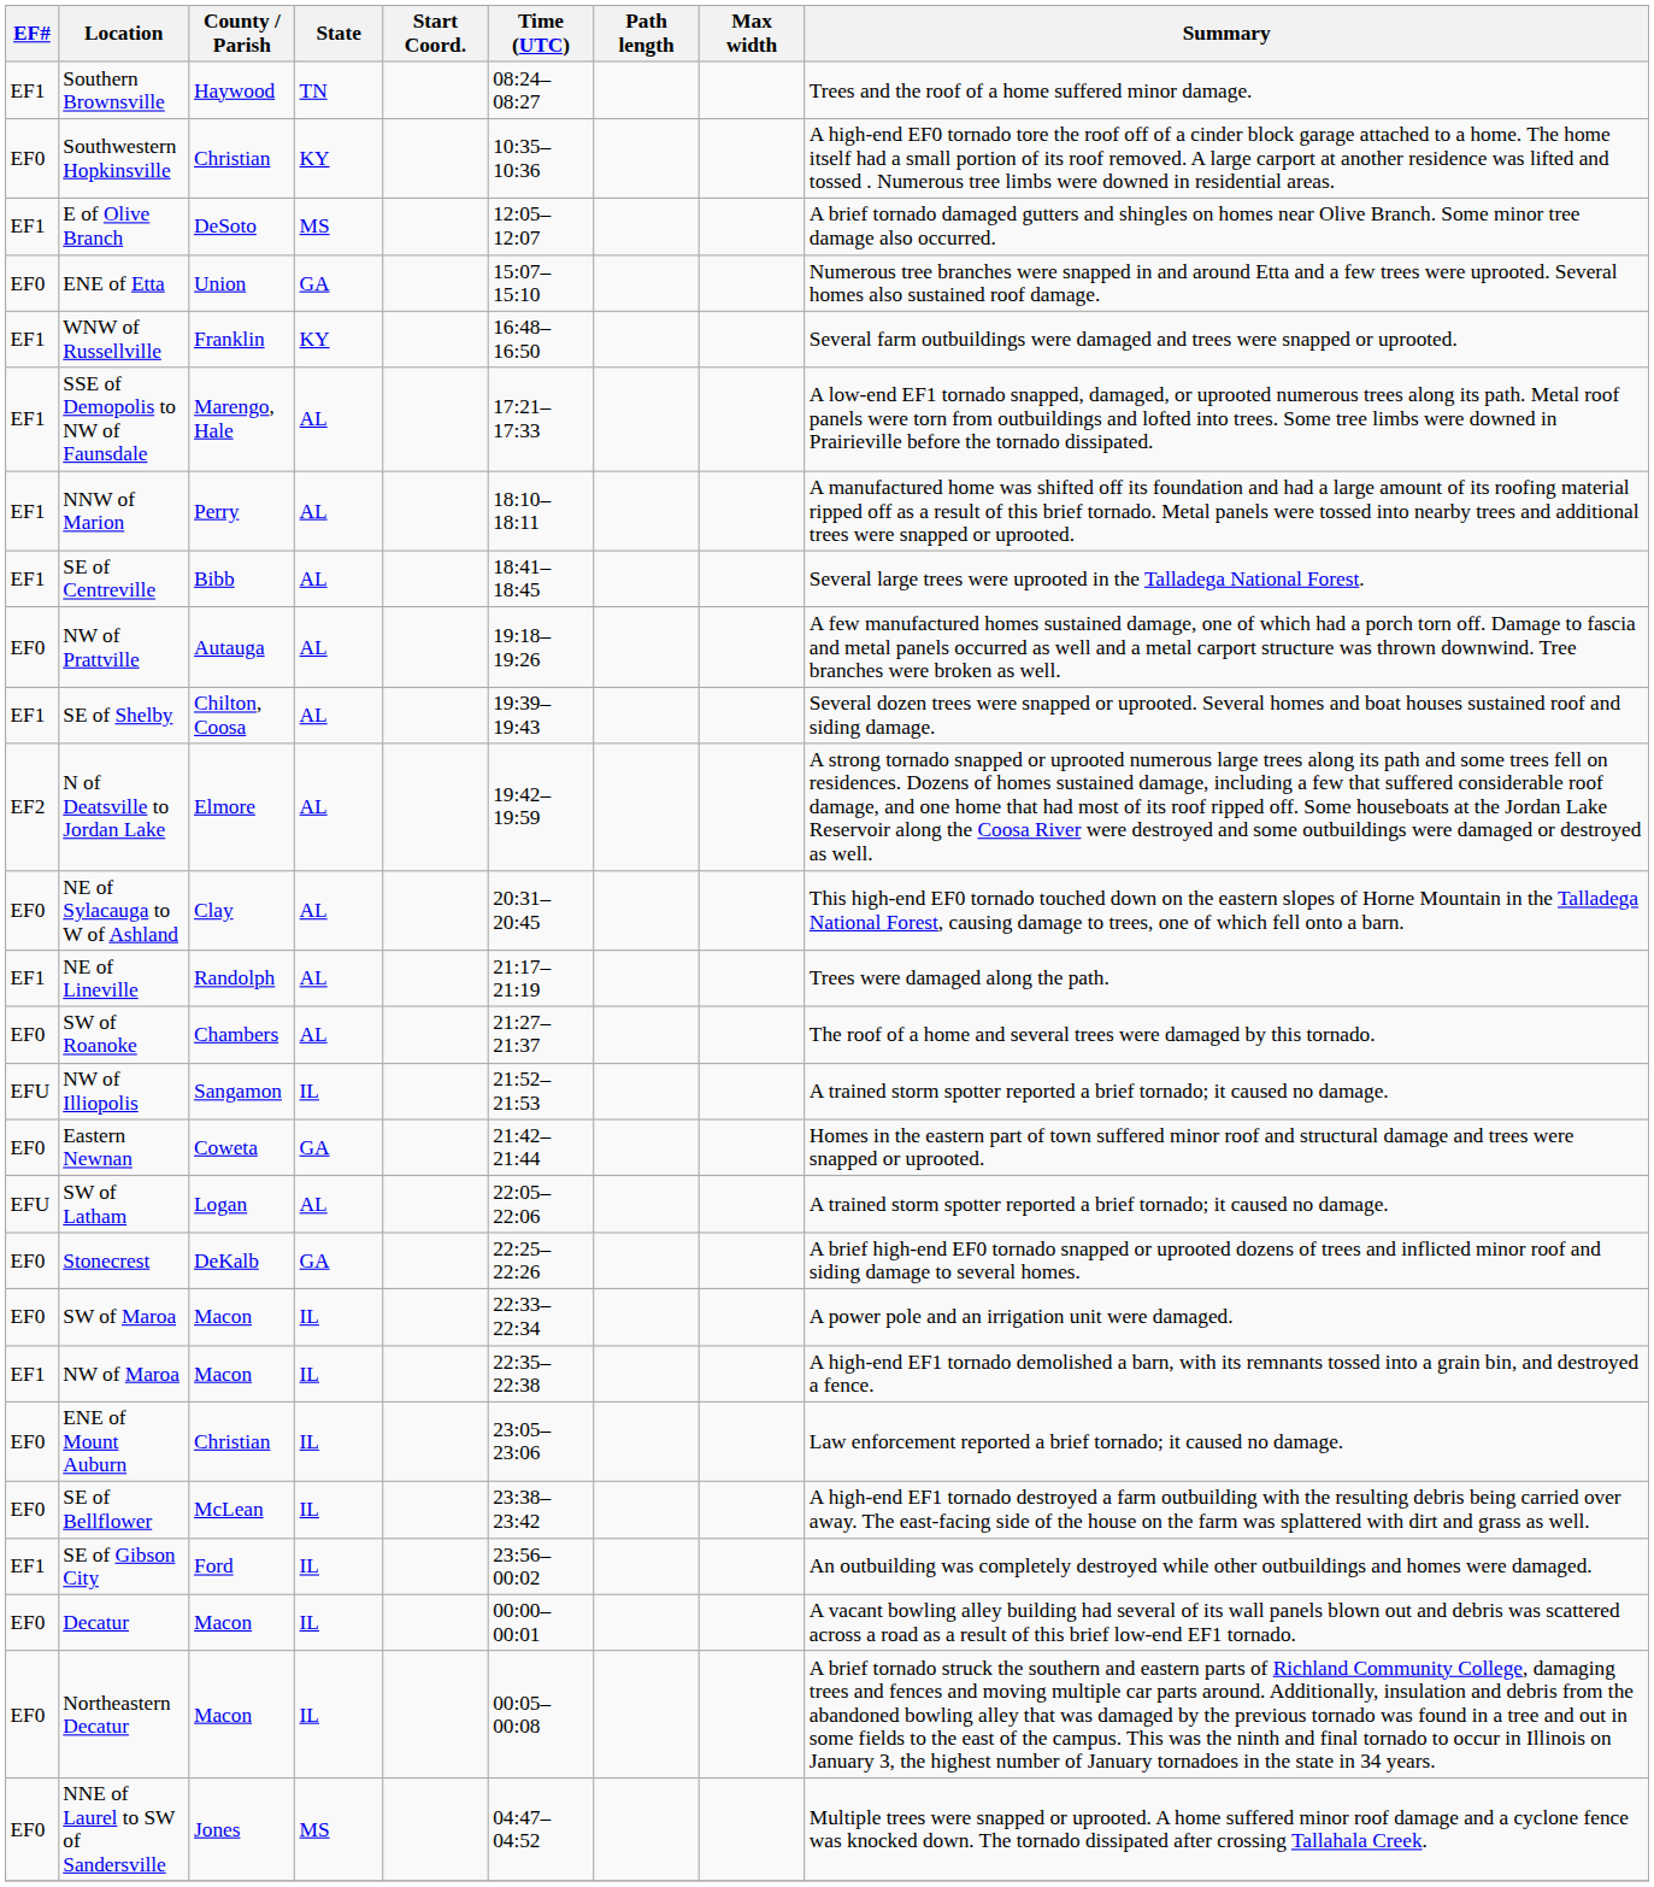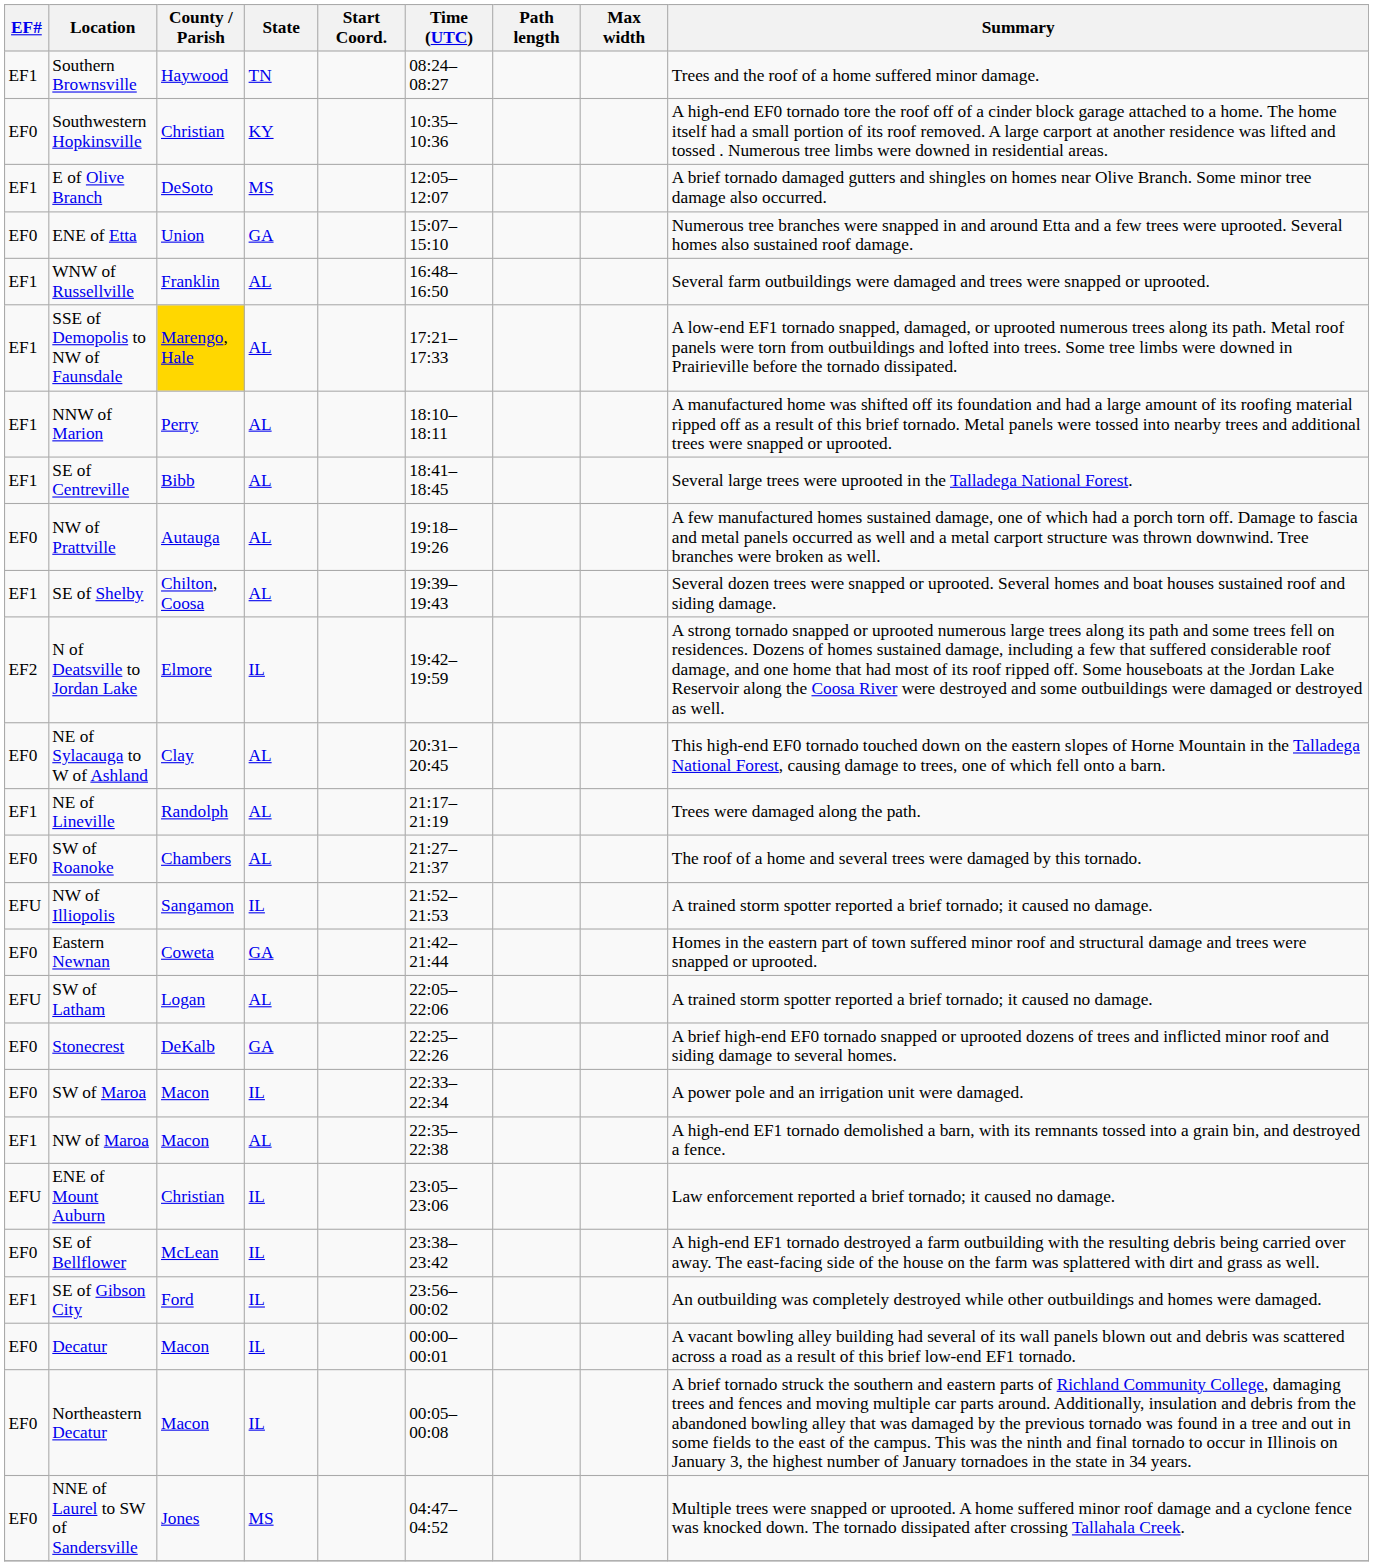 <table class="wikitable sortable" style="width:100%;">
 <tr>
 <th scope="col"  style="width:3%; text-align:center;"><a href='#'>EF#</a></th>
 <th scope="col"  style="width:7%; text-align:center;" class="unsortable">Location</th>
 <th scope="col"  style="width:6%; text-align:center;" class="unsortable">County / Parish</th>
 <th scope="col"  style="width:5%; text-align:center;">State</th>
 <th scope="col"  style="width:6%; text-align:center;">Start Coord.</th>
 <th scope="col"  style="width:6%; text-align:center;">Time (<a href='#'>UTC</a>)</th>
 <th scope="col"  style="width:6%; text-align:center;">Path length</th>
 <th scope="col"  style="width:6%; text-align:center;">Max width</th>
 <th scope="col" class="unsortable" style="width:48%; text-align:center;">Summary</th>
 </tr>
 <tr>
 <td>EF1</td>
 <td>Southern <a href='#'>Brownsville</a></td>
 <td><a href='#'>Haywood</a></td>
 <td><a href='#'>TN</a></td>
 <td></td>
 <td>08:24–08:27</td>
 <td></td>
 <td></td>
 <td>Trees and the roof of a home suffered minor damage.</td>
 </tr>
 <tr>
 <td>EF0</td>
 <td>Southwestern <a href='#'>Hopkinsville</a></td>
 <td><a href='#'>Christian</a></td>
 <td><a href='#'>KY</a></td>
 <td></td>
 <td>10:35–10:36</td>
 <td></td>
 <td></td>
 <td>A high-end EF0 tornado tore the roof off of a cinder block garage attached to a home. The home itself had a small portion of its roof removed. A large carport at another residence was lifted and tossed . Numerous tree limbs were downed in residential areas.</td>
 </tr>
 <tr>
 <td>EF1</td>
 <td>E of <a href='#'>Olive Branch</a></td>
 <td><a href='#'>DeSoto</a></td>
 <td><a href='#'>MS</a></td>
 <td></td>
 <td>12:05–12:07</td>
 <td></td>
 <td></td>
 <td>A brief tornado damaged gutters and shingles on homes near Olive Branch. Some minor tree damage also occurred.</td>
 </tr>
 <tr>
 <td>EF0</td>
 <td>ENE of <a href='#'>Etta</a></td>
 <td><a href='#'>Union</a></td>
 <td><a href='#'>GA</a></td>
 <td></td>
 <td>15:07–15:10</td>
 <td></td>
 <td></td>
 <td>Numerous tree branches were snapped in and around Etta and a few trees were uprooted. Several homes also sustained roof damage.</td>
 </tr>
 <tr>
 <td>EF1</td>
 <td>WNW of <a href='#'>Russellville</a></td>
 <td><a href='#'>Franklin</a></td>
-<td><a href='#'>KY</a></td>
+<td><a href='#'>AL</a></td>
 <td></td>
 <td>16:48–16:50</td>
 <td></td>
 <td></td>
 <td>Several farm outbuildings were damaged and trees were snapped or uprooted.</td>
 </tr>
 <tr>
 <td>EF1</td>
 <td>SSE of <a href='#'>Demopolis</a> to NW of <a href='#'>Faunsdale</a></td>
-<td><a href='#'>Marengo</a>, <a href='#'>Hale</a></td>
+<td style="background: gold;"><a href='#'>Marengo</a>, <a href='#'>Hale</a></td>
 <td><a href='#'>AL</a></td>
 <td></td>
 <td>17:21–17:33</td>
 <td></td>
 <td></td>
 <td>A low-end EF1 tornado snapped, damaged, or uprooted numerous trees along its path. Metal roof panels were torn from outbuildings and lofted into trees. Some tree limbs were downed in Prairieville before the tornado dissipated.</td>
 </tr>
 <tr>
 <td>EF1</td>
 <td>NNW of <a href='#'>Marion</a></td>
 <td><a href='#'>Perry</a></td>
 <td><a href='#'>AL</a></td>
 <td></td>
 <td>18:10–18:11</td>
 <td></td>
 <td></td>
 <td>A manufactured home was shifted off its foundation and had a large amount of its roofing material ripped off as a result of this brief tornado. Metal panels were tossed into nearby trees and additional trees were snapped or uprooted.</td>
 </tr>
 <tr>
 <td>EF1</td>
 <td>SE of <a href='#'>Centreville</a></td>
 <td><a href='#'>Bibb</a></td>
 <td><a href='#'>AL</a></td>
 <td></td>
 <td>18:41–18:45</td>
 <td></td>
 <td></td>
 <td>Several large trees were uprooted in the <a href='#'>Talladega National Forest</a>.</td>
 </tr>
 <tr>
 <td>EF0</td>
 <td>NW of <a href='#'>Prattville</a></td>
 <td><a href='#'>Autauga</a></td>
 <td><a href='#'>AL</a></td>
 <td></td>
 <td>19:18–19:26</td>
 <td></td>
 <td></td>
 <td>A few manufactured homes sustained damage, one of which had a porch torn off. Damage to fascia and metal panels occurred as well and a metal carport structure was thrown downwind. Tree branches were broken as well.</td>
 </tr>
 <tr>
 <td>EF1</td>
 <td>SE of <a href='#'>Shelby</a></td>
 <td><a href='#'>Chilton</a>, <a href='#'>Coosa</a></td>
 <td><a href='#'>AL</a></td>
 <td></td>
 <td>19:39–19:43</td>
 <td></td>
 <td></td>
 <td>Several dozen trees were snapped or uprooted. Several homes and boat houses sustained roof and siding damage.</td>
 </tr>
 <tr>
 <td>EF2</td>
 <td>N of <a href='#'>Deatsville</a> to <a href='#'>Jordan Lake</a></td>
 <td><a href='#'>Elmore</a></td>
-<td><a href='#'>AL</a></td>
+<td><a href='#'>IL</a></td>
 <td></td>
 <td>19:42–19:59</td>
 <td></td>
 <td></td>
 <td>A strong tornado snapped or uprooted numerous large trees along its path and some trees fell on residences. Dozens of homes sustained damage, including a few that suffered considerable roof damage, and one home that had most of its roof ripped off. Some houseboats at the Jordan Lake Reservoir along the <a href='#'>Coosa River</a> were destroyed and some outbuildings were damaged or destroyed as well.</td>
 </tr>
 <tr>
 <td>EF0</td>
 <td>NE of <a href='#'>Sylacauga</a> to W of <a href='#'>Ashland</a></td>
 <td><a href='#'>Clay</a></td>
 <td><a href='#'>AL</a></td>
 <td></td>
 <td>20:31–20:45</td>
 <td></td>
 <td></td>
 <td>This high-end EF0 tornado touched down on the eastern slopes of Horne Mountain in the <a href='#'>Talladega National Forest</a>, causing damage to trees, one of which fell onto a barn.</td>
 </tr>
 <tr>
 <td>EF1</td>
 <td>NE of <a href='#'>Lineville</a></td>
 <td><a href='#'>Randolph</a></td>
 <td><a href='#'>AL</a></td>
 <td></td>
 <td>21:17–21:19</td>
 <td></td>
 <td></td>
 <td>Trees were damaged along the path.</td>
 </tr>
 <tr>
 <td>EF0</td>
 <td>SW of <a href='#'>Roanoke</a></td>
 <td><a href='#'>Chambers</a></td>
 <td><a href='#'>AL</a></td>
 <td></td>
 <td>21:27–21:37</td>
 <td></td>
 <td></td>
 <td>The roof of a home and several trees were damaged by this tornado.</td>
 </tr>
 <tr>
 <td>EFU</td>
 <td>NW of <a href='#'>Illiopolis</a></td>
 <td><a href='#'>Sangamon</a></td>
 <td><a href='#'>IL</a></td>
 <td></td>
 <td>21:52–21:53</td>
 <td></td>
 <td></td>
 <td>A trained storm spotter reported a brief tornado; it caused no damage.</td>
 </tr>
 <tr>
 <td>EF0</td>
 <td>Eastern <a href='#'>Newnan</a></td>
 <td><a href='#'>Coweta</a></td>
 <td><a href='#'>GA</a></td>
 <td></td>
 <td>21:42–21:44</td>
 <td></td>
 <td></td>
 <td>Homes in the eastern part of town suffered minor roof and structural damage and trees were snapped or uprooted.</td>
 </tr>
 <tr>
 <td>EFU</td>
 <td>SW of <a href='#'>Latham</a></td>
 <td><a href='#'>Logan</a></td>
 <td><a href='#'>AL</a></td>
 <td></td>
 <td>22:05–22:06</td>
 <td></td>
 <td></td>
 <td>A trained storm spotter reported a brief tornado; it caused no damage.</td>
 </tr>
 <tr>
 <td>EF0</td>
 <td><a href='#'>Stonecrest</a></td>
 <td><a href='#'>DeKalb</a></td>
 <td><a href='#'>GA</a></td>
 <td></td>
 <td>22:25–22:26</td>
 <td></td>
 <td></td>
 <td>A brief high-end EF0 tornado snapped or uprooted dozens of trees and inflicted minor roof and siding damage to several homes.</td>
 </tr>
 <tr>
 <td>EF0</td>
 <td>SW of <a href='#'>Maroa</a></td>
 <td><a href='#'>Macon</a></td>
 <td><a href='#'>IL</a></td>
 <td></td>
 <td>22:33–22:34</td>
 <td></td>
 <td></td>
 <td>A power pole and an irrigation unit were damaged.</td>
 </tr>
 <tr>
 <td>EF1</td>
 <td>NW of <a href='#'>Maroa</a></td>
 <td><a href='#'>Macon</a></td>
-<td><a href='#'>IL</a></td>
+<td><a href='#'>AL</a></td>
 <td></td>
 <td>22:35–22:38</td>
 <td></td>
 <td></td>
 <td>A high-end EF1 tornado demolished a barn, with its remnants tossed into a grain bin, and destroyed a fence.</td>
 </tr>
 <tr>
-<td>EF0</td>
+<td>EFU</td>
 <td>ENE of <a href='#'>Mount Auburn</a></td>
 <td><a href='#'>Christian</a></td>
 <td><a href='#'>IL</a></td>
 <td></td>
 <td>23:05–23:06</td>
 <td></td>
 <td></td>
 <td>Law enforcement reported a brief tornado; it caused no damage.</td>
 </tr>
 <tr>
 <td>EF0</td>
 <td>SE of <a href='#'>Bellflower</a></td>
 <td><a href='#'>McLean</a></td>
 <td><a href='#'>IL</a></td>
 <td></td>
 <td>23:38–23:42</td>
 <td></td>
 <td></td>
 <td>A high-end EF1 tornado destroyed a farm outbuilding with the resulting debris being carried over  away. The east-facing side of the house on the farm was splattered with dirt and grass as well.</td>
 </tr>
 <tr>
 <td>EF1</td>
 <td>SE of <a href='#'>Gibson City</a></td>
 <td><a href='#'>Ford</a></td>
 <td><a href='#'>IL</a></td>
 <td></td>
 <td>23:56–00:02</td>
 <td></td>
 <td></td>
 <td>An outbuilding was completely destroyed while other outbuildings and homes were damaged.</td>
 </tr>
 <tr>
 <td>EF0</td>
 <td><a href='#'>Decatur</a></td>
 <td><a href='#'>Macon</a></td>
 <td><a href='#'>IL</a></td>
 <td></td>
 <td>00:00–00:01</td>
 <td></td>
 <td></td>
 <td>A vacant bowling alley building had several of its wall panels blown out and debris was scattered across a road as a result of this brief low-end EF1 tornado.</td>
 </tr>
 <tr>
 <td>EF0</td>
 <td>Northeastern <a href='#'>Decatur</a></td>
 <td><a href='#'>Macon</a></td>
 <td><a href='#'>IL</a></td>
 <td></td>
 <td>00:05–00:08</td>
 <td></td>
 <td></td>
 <td>A brief tornado struck the southern and eastern parts of <a href='#'>Richland Community College</a>, damaging trees and fences and moving multiple car parts around. Additionally, insulation and debris from the abandoned bowling alley that was damaged by the previous tornado was found in a tree and out in some fields to the east of the campus. This was the ninth and final tornado to occur in Illinois on January 3, the highest number of January tornadoes in the state in 34 years.</td>
 </tr>
 <tr>
 <td>EF0</td>
 <td>NNE of <a href='#'>Laurel</a> to SW of <a href='#'>Sandersville</a></td>
 <td><a href='#'>Jones</a></td>
 <td><a href='#'>MS</a></td>
 <td></td>
 <td>04:47–04:52</td>
 <td></td>
 <td></td>
 <td>Multiple trees were snapped or uprooted. A home suffered minor roof damage and a cyclone fence was knocked down. The tornado dissipated after crossing <a href='#'>Tallahala Creek</a>.</td>
 </tr>
 <tr>
 </tr>
 </table>
